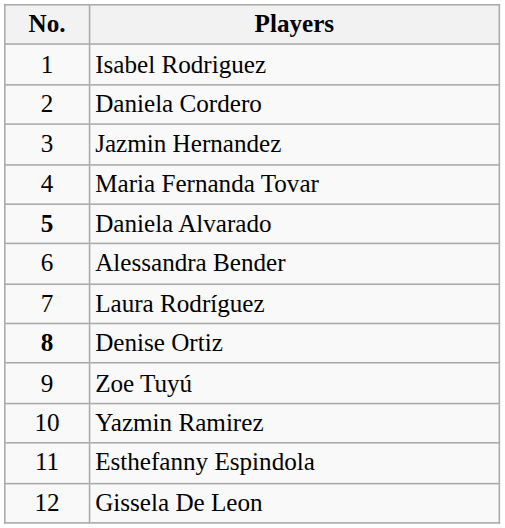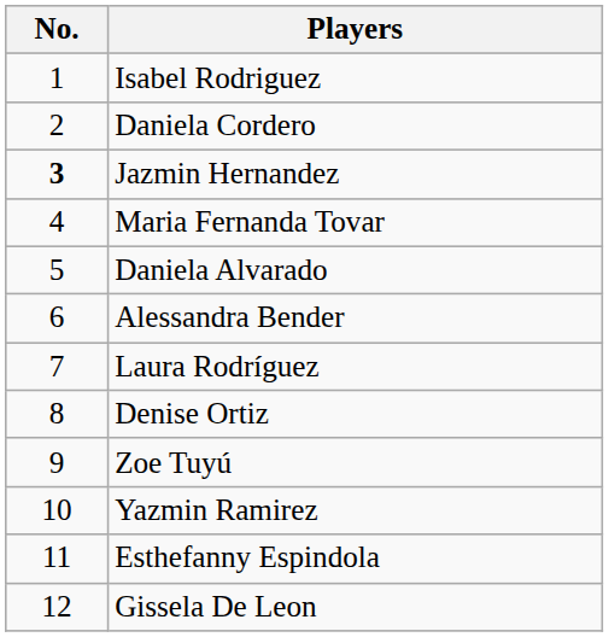 <table class="wikitable" style="text-align: center; width:25%">
 <tr>
 <th>No.</th>
 <th>Players</th>
 </tr>
 <tr>
 <td>1</td>
 <td align=left>Isabel Rodriguez</td>
 </tr>
 <tr>
 <td>2</td>
 <td align=left>Daniela Cordero</td>
 </tr>
 <tr>
-<td>3</td>
+<td><strong>3</strong></td>
 <td align=left>Jazmin Hernandez</td>
 </tr>
 <tr>
 <td>4</td>
 <td align=left>Maria Fernanda Tovar</td>
 </tr>
 <tr>
-<td><strong>5</strong></td>
+<td>5</td>
 <td align=left>Daniela Alvarado</td>
 </tr>
 <tr>
 <td>6</td>
 <td align=left>Alessandra Bender</td>
 </tr>
 <tr>
 <td>7</td>
 <td align=left>Laura Rodríguez</td>
 </tr>
 <tr>
-<td><strong>8</strong></td>
+<td>8</td>
 <td align=left>Denise Ortiz</td>
 </tr>
 <tr>
 <td>9</td>
 <td align=left>Zoe Tuyú</td>
 </tr>
 <tr>
 <td>10</td>
 <td align=left>Yazmin Ramirez</td>
 </tr>
 <tr>
 <td>11</td>
 <td align=left>Esthefanny Espindola</td>
 </tr>
 <tr>
 <td>12</td>
 <td align=left>Gissela De Leon</td>
 </tr>
 </table>
